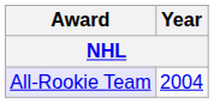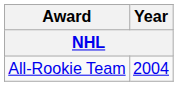 <table class="wikitable">
 <tr>
 <th>Award</th>
 <th>Year</th>
 </tr>
 <tr>
 <th colspan="3"><a href='#'>NHL</a></th>
 </tr>
 <tr>
-<td style="background: lavender;"><a href='#'>All-Rookie Team</a></td>
+<td><a href='#'>All-Rookie Team</a></td>
 <td><a href='#'>2004</a></td>
 </tr>
 </table>
